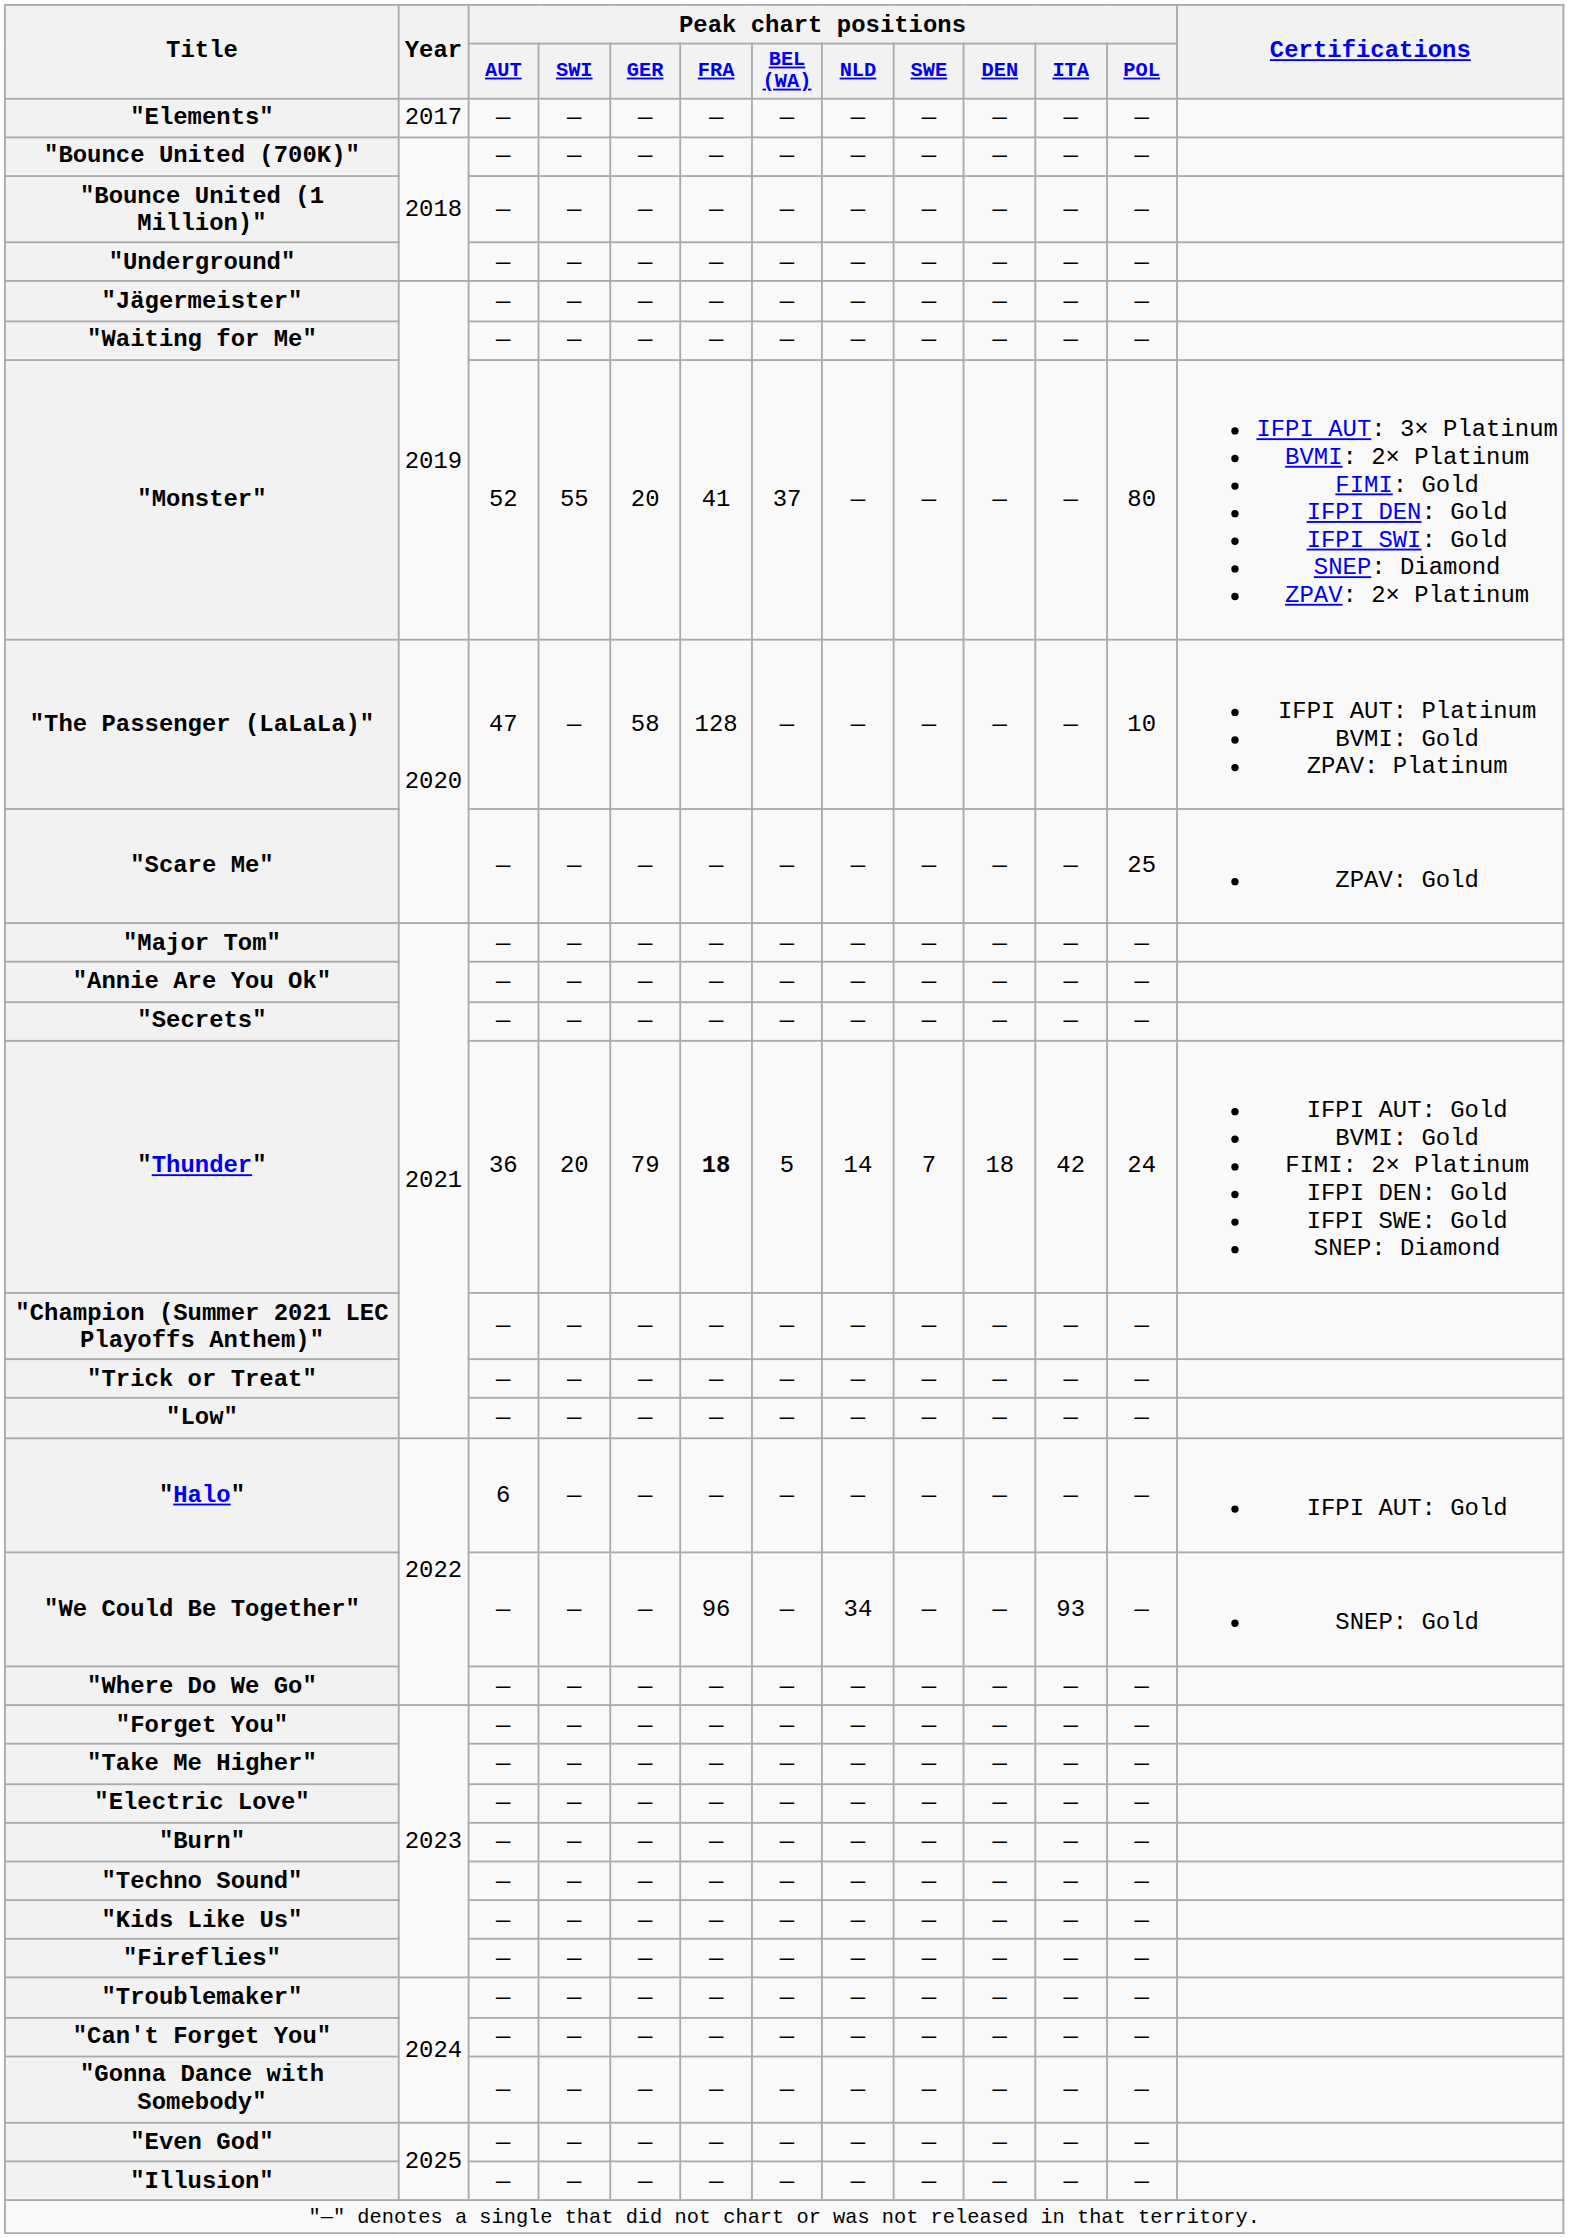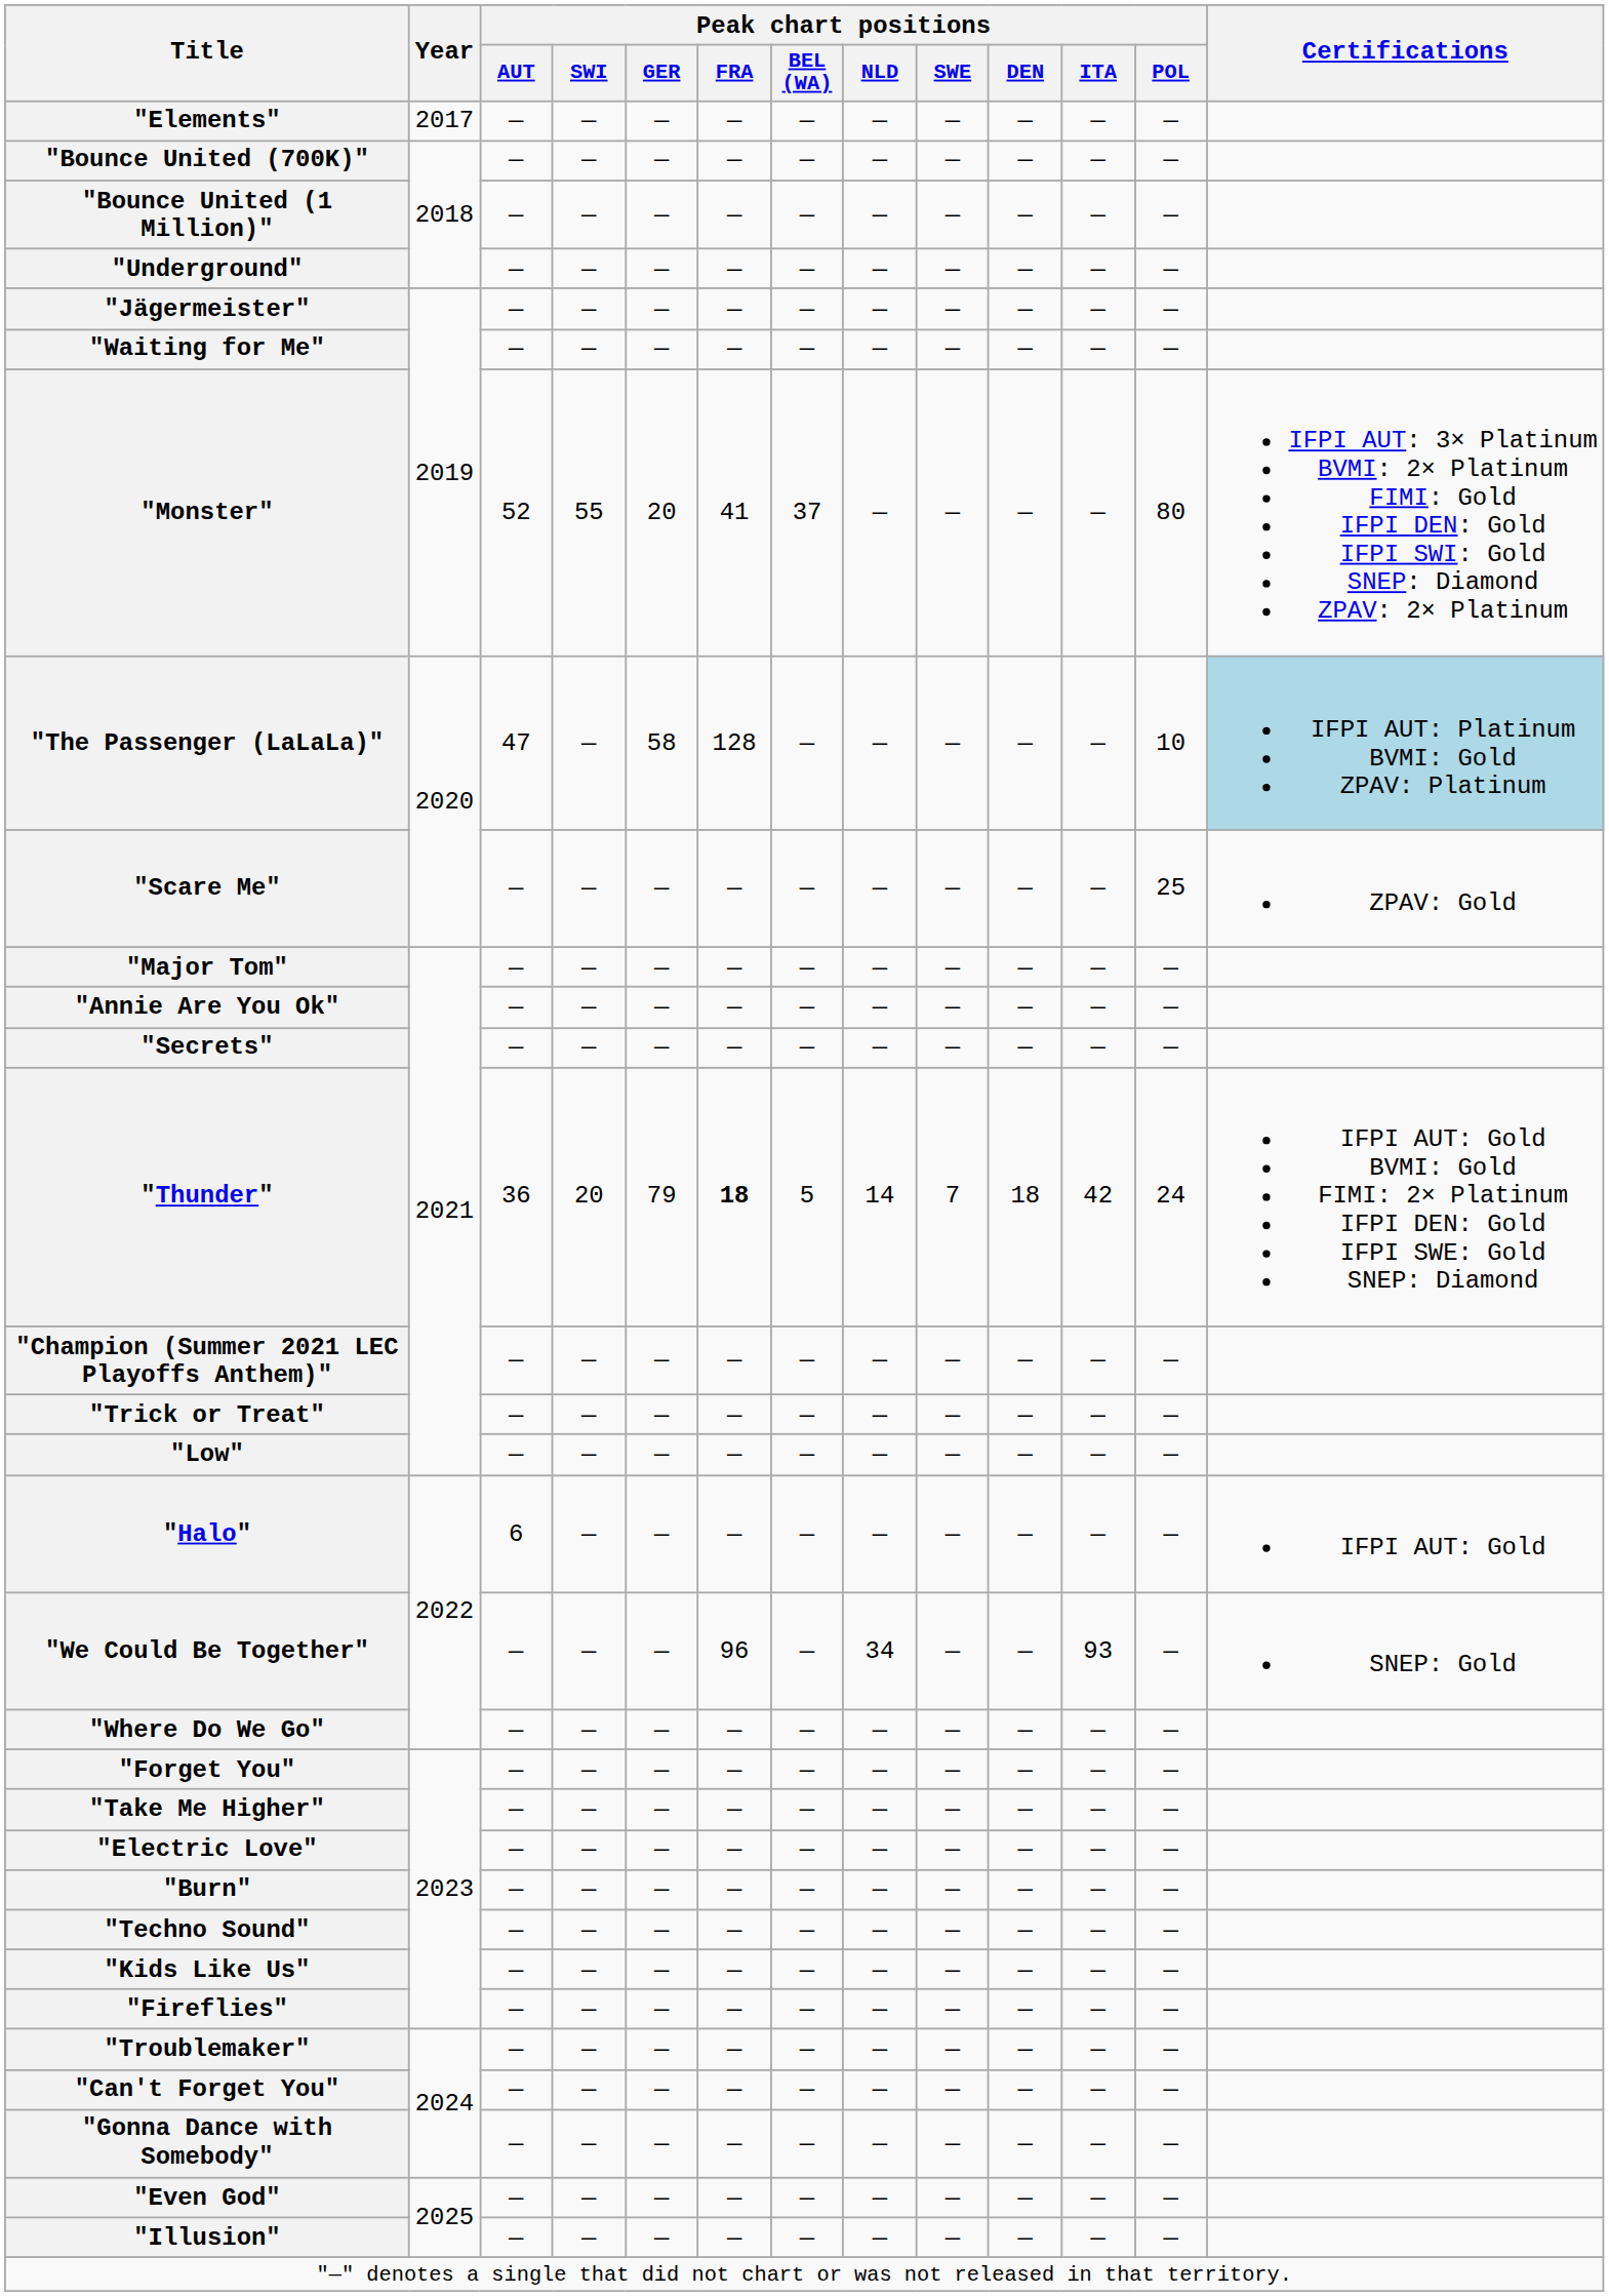 <table class="wikitable plainrowheaders" style="text-align:center;">
 <tr>
 <th scope="col" rowspan="2" style="width:16em;">Title</th>
 <th scope="col" rowspan="2" style="width:1em;">Year</th>
 <th scope="col" colspan="10">Peak chart positions</th>
 <th rowspan="2"><a href='#'>Certifications</a></th>
 </tr>
 <tr>
 <th scope="col" style="width:3em;font-size:85%;"><a href='#'>AUT</a><br></th>
 <th scope="col" style="width:3em;font-size:85%;"><a href='#'>SWI</a><br></th>
 <th scope="col" style="width:3em;font-size:85%;"><a href='#'>GER</a><br></th>
 <th scope="col" style="width:3em;font-size:85%;"><a href='#'>FRA</a><br></th>
 <th scope="col" style="width:3em;font-size:85%;"><a href='#'>BEL (WA)</a><br></th>
 <th scope="col" style="width:3em;font-size:85%;"><a href='#'>NLD</a><br></th>
 <th scope="col" style="width:3em;font-size:85%;"><a href='#'>SWE</a><br></th>
 <th scope="col" style="width:3em;font-size:85%;"><a href='#'>DEN</a><br></th>
 <th scope="col" style="width:3em;font-size:85%;"><a href='#'>ITA</a><br></th>
 <th scope="col" style="width:3em;font-size:85%;"><a href='#'>POL</a><br></th>
 </tr>
 <tr>
 <th scope="row">"Elements"</th>
 <td>2017</td>
 <td>—</td>
 <td>—</td>
 <td>—</td>
 <td>—</td>
 <td>—</td>
 <td>—</td>
 <td>—</td>
 <td>—</td>
 <td>—</td>
 <td>—</td>
 <td></td>
 </tr>
 <tr>
 <th scope="row">"Bounce United (700K)"</th>
 <td rowspan="3">2018</td>
 <td>—</td>
 <td>—</td>
 <td>—</td>
 <td>—</td>
 <td>—</td>
 <td>—</td>
 <td>—</td>
 <td>—</td>
 <td>—</td>
 <td>—</td>
 <td></td>
 </tr>
 <tr>
 <th scope="row">"Bounce United (1 Million)"<br></th>
 <td>—</td>
 <td>—</td>
 <td>—</td>
 <td>—</td>
 <td>—</td>
 <td>—</td>
 <td>—</td>
 <td>—</td>
 <td>—</td>
 <td>—</td>
 <td></td>
 </tr>
 <tr>
 <th scope="row">"Underground"<br></th>
 <td>—</td>
 <td>—</td>
 <td>—</td>
 <td>—</td>
 <td>—</td>
 <td>—</td>
 <td>—</td>
 <td>—</td>
 <td>—</td>
 <td>—</td>
 <td></td>
 </tr>
 <tr>
 <th scope="row">"Jägermeister"</th>
 <td rowspan="3">2019</td>
 <td>—</td>
 <td>—</td>
 <td>—</td>
 <td>—</td>
 <td>—</td>
 <td>—</td>
 <td>—</td>
 <td>—</td>
 <td>—</td>
 <td>—</td>
 <td></td>
 </tr>
 <tr>
 <th scope="row">"Waiting for Me"<br></th>
 <td>—</td>
 <td>—</td>
 <td>—</td>
 <td>—</td>
 <td>—</td>
 <td>—</td>
 <td>—</td>
 <td>—</td>
 <td>—</td>
 <td>—</td>
 <td></td>
 </tr>
 <tr>
 <th scope="row">"Monster"<br></th>
 <td>52</td>
 <td>55</td>
 <td>20</td>
 <td>41</td>
 <td>37</td>
 <td>—</td>
 <td>—</td>
 <td>—</td>
 <td>—</td>
 <td>80</td>
 <td><br><ul><li><a href='#'>IFPI AUT</a>: 3× Platinum</li><li><a href='#'>BVMI</a>: 2× Platinum</li><li><a href='#'>FIMI</a>: Gold</li><li><a href='#'>IFPI DEN</a>: Gold</li><li><a href='#'>IFPI SWI</a>: Gold</li><li><a href='#'>SNEP</a>: Diamond</li><li><a href='#'>ZPAV</a>: 2× Platinum</li></ul></td>
 </tr>
 <tr>
 <th scope="row">"The Passenger (LaLaLa)"<br></th>
 <td rowspan="2">2020</td>
 <td>47</td>
 <td>—</td>
 <td>58</td>
 <td>128</td>
 <td>—</td>
 <td>—</td>
 <td>—</td>
 <td>—</td>
 <td>—</td>
 <td>10</td>
-<td><br><ul><li>IFPI AUT: Platinum</li><li>BVMI: Gold</li><li>ZPAV: Platinum</li></ul></td>
+<td style="background: lightblue;"><br><ul><li>IFPI AUT: Platinum</li><li>BVMI: Gold</li><li>ZPAV: Platinum</li></ul></td>
 </tr>
 <tr>
 <th scope="row">"Scare Me"<br></th>
 <td>—</td>
 <td>—</td>
 <td>—</td>
 <td>—</td>
 <td>—</td>
 <td>—</td>
 <td>—</td>
 <td>—</td>
 <td>—</td>
 <td>25</td>
 <td><br><ul><li>ZPAV: Gold</li></ul></td>
 </tr>
 <tr>
 <th scope="row">"Major Tom"<br></th>
 <td rowspan="7">2021</td>
 <td>—</td>
 <td>—</td>
 <td>—</td>
 <td>—</td>
 <td>—</td>
 <td>—</td>
 <td>—</td>
 <td>—</td>
 <td>—</td>
 <td>—</td>
 <td></td>
 </tr>
 <tr>
 <th scope="row">"Annie Are You Ok"<br></th>
 <td>—</td>
 <td>—</td>
 <td>—</td>
 <td>—</td>
 <td>—</td>
 <td>—</td>
 <td>—</td>
 <td>—</td>
 <td>—</td>
 <td>—</td>
 <td></td>
 </tr>
 <tr>
 <th scope="row">"Secrets"<br></th>
 <td>—</td>
 <td>—</td>
 <td>—</td>
 <td>—</td>
 <td>—</td>
 <td>—</td>
 <td>—</td>
 <td>—</td>
 <td>—</td>
 <td>—</td>
 <td></td>
 </tr>
 <tr>
 <th scope="row">"<a href='#'>Thunder</a>"<br></th>
 <td>36</td>
 <td>20</td>
 <td>79</td>
 <td><strong>18</strong></td>
 <td>5</td>
 <td>14</td>
 <td>7</td>
 <td>18</td>
 <td>42</td>
 <td>24</td>
 <td><br><ul><li>IFPI AUT: Gold</li><li>BVMI: Gold</li><li>FIMI: 2× Platinum</li><li>IFPI DEN: Gold</li><li>IFPI SWE: Gold</li><li>SNEP: Diamond</li></ul></td>
 </tr>
 <tr>
 <th scope="row">"Champion (Summer 2021 LEC Playoffs Anthem)"<br></th>
 <td>—</td>
 <td>—</td>
 <td>—</td>
 <td>—</td>
 <td>—</td>
 <td>—</td>
 <td>—</td>
 <td>—</td>
 <td>—</td>
 <td>—</td>
 <td></td>
 </tr>
 <tr>
 <th scope="row">"Trick or Treat"<br></th>
 <td>—</td>
 <td>—</td>
 <td>—</td>
 <td>—</td>
 <td>—</td>
 <td>—</td>
 <td>—</td>
 <td>—</td>
 <td>—</td>
 <td>—</td>
 <td></td>
 </tr>
 <tr>
 <th scope="row">"Low"<br></th>
 <td>—</td>
 <td>—</td>
 <td>—</td>
 <td>—</td>
 <td>—</td>
 <td>—</td>
 <td>—</td>
 <td>—</td>
 <td>—</td>
 <td>—</td>
 <td></td>
 </tr>
 <tr>
 <th scope="row">"<a href='#'>Halo</a>"<br></th>
 <td rowspan="3">2022</td>
 <td>6</td>
 <td>—</td>
 <td>—</td>
 <td>—</td>
 <td>—</td>
 <td>—</td>
 <td>—</td>
 <td>—</td>
 <td>—</td>
 <td>—</td>
 <td><br><ul><li>IFPI AUT: Gold</li></ul></td>
 </tr>
 <tr>
 <th scope="row">"We Could Be Together"<br></th>
 <td>—</td>
 <td>—</td>
 <td>—</td>
 <td>96</td>
 <td>—</td>
 <td>34</td>
 <td>—</td>
 <td>—</td>
 <td>93</td>
 <td>—</td>
 <td><br><ul><li>SNEP: Gold</li></ul></td>
 </tr>
 <tr>
 <th scope="row">"Where Do We Go"<br></th>
 <td>—</td>
 <td>—</td>
 <td>—</td>
 <td>—</td>
 <td>—</td>
 <td>—</td>
 <td>—</td>
 <td>—</td>
 <td>—</td>
 <td>—</td>
 <td></td>
 </tr>
 <tr>
 <th scope="row">"Forget You"<br></th>
 <td rowspan="7">2023</td>
 <td>—</td>
 <td>—</td>
 <td>—</td>
 <td>—</td>
 <td>—</td>
 <td>—</td>
 <td>—</td>
 <td>—</td>
 <td>—</td>
 <td>—</td>
 <td></td>
 </tr>
 <tr>
 <th scope="row">"Take Me Higher"<br></th>
 <td>—</td>
 <td>—</td>
 <td>—</td>
 <td>—</td>
 <td>—</td>
 <td>—</td>
 <td>—</td>
 <td>—</td>
 <td>—</td>
 <td>—</td>
 <td></td>
 </tr>
 <tr>
 <th scope="row">"Electric Love"<br></th>
 <td>—</td>
 <td>—</td>
 <td>—</td>
 <td>—</td>
 <td>—</td>
 <td>—</td>
 <td>—</td>
 <td>—</td>
 <td>—</td>
 <td>—</td>
 <td></td>
 </tr>
 <tr>
 <th scope="row">"Burn"<br></th>
 <td>—</td>
 <td>—</td>
 <td>—</td>
 <td>—</td>
 <td>—</td>
 <td>—</td>
 <td>—</td>
 <td>—</td>
 <td>—</td>
 <td>—</td>
 <td></td>
 </tr>
 <tr>
 <th scope="row">"Techno Sound"</th>
 <td>—</td>
 <td>—</td>
 <td>—</td>
 <td>—</td>
 <td>—</td>
 <td>—</td>
 <td>—</td>
 <td>—</td>
 <td>—</td>
 <td>—</td>
 <td></td>
 </tr>
 <tr>
 <th scope="row">"Kids Like Us"<br></th>
 <td>—</td>
 <td>—</td>
 <td>—</td>
 <td>—</td>
 <td>—</td>
 <td>—</td>
 <td>—</td>
 <td>—</td>
 <td>—</td>
 <td>—</td>
 <td></td>
 </tr>
 <tr>
 <th scope="row">"Fireflies"<br></th>
 <td>—</td>
 <td>—</td>
 <td>—</td>
 <td>—</td>
 <td>—</td>
 <td>—</td>
 <td>—</td>
 <td>—</td>
 <td>—</td>
 <td>—</td>
 <td></td>
 </tr>
 <tr>
 <th scope="row">"Troublemaker"<br></th>
 <td rowspan="3">2024</td>
 <td>—</td>
 <td>—</td>
 <td>—</td>
 <td>—</td>
 <td>—</td>
 <td>—</td>
 <td>—</td>
 <td>—</td>
 <td>—</td>
 <td>—</td>
 <td></td>
 </tr>
 <tr>
 <th scope="row">"Can't Forget You"<br></th>
 <td>—</td>
 <td>—</td>
 <td>—</td>
 <td>—</td>
 <td>—</td>
 <td>—</td>
 <td>—</td>
 <td>—</td>
 <td>—</td>
 <td>—</td>
 <td></td>
 </tr>
 <tr>
 <th scope="row">"Gonna Dance with Somebody"<br></th>
 <td>—</td>
 <td>—</td>
 <td>—</td>
 <td>—</td>
 <td>—</td>
 <td>—</td>
 <td>—</td>
 <td>—</td>
 <td>—</td>
 <td>—</td>
 <td></td>
 </tr>
 <tr>
 <th scope="row">"Even God"<br></th>
 <td rowspan="2">2025</td>
 <td>—</td>
 <td>—</td>
 <td>—</td>
 <td>—</td>
 <td>—</td>
 <td>—</td>
 <td>—</td>
 <td>—</td>
 <td>—</td>
 <td>—</td>
 <td></td>
 </tr>
 <tr>
 <th scope="row">"Illusion"</th>
 <td>—</td>
 <td>—</td>
 <td>—</td>
 <td>—</td>
 <td>—</td>
 <td>—</td>
 <td>—</td>
 <td>—</td>
 <td>—</td>
 <td>—</td>
 <td></td>
 </tr>
 <tr>
 <td colspan="13" style="text-align:center; font-size:85%;">"—" denotes a single that did not chart or was not released in that territory.</td>
 </tr>
 </table>
